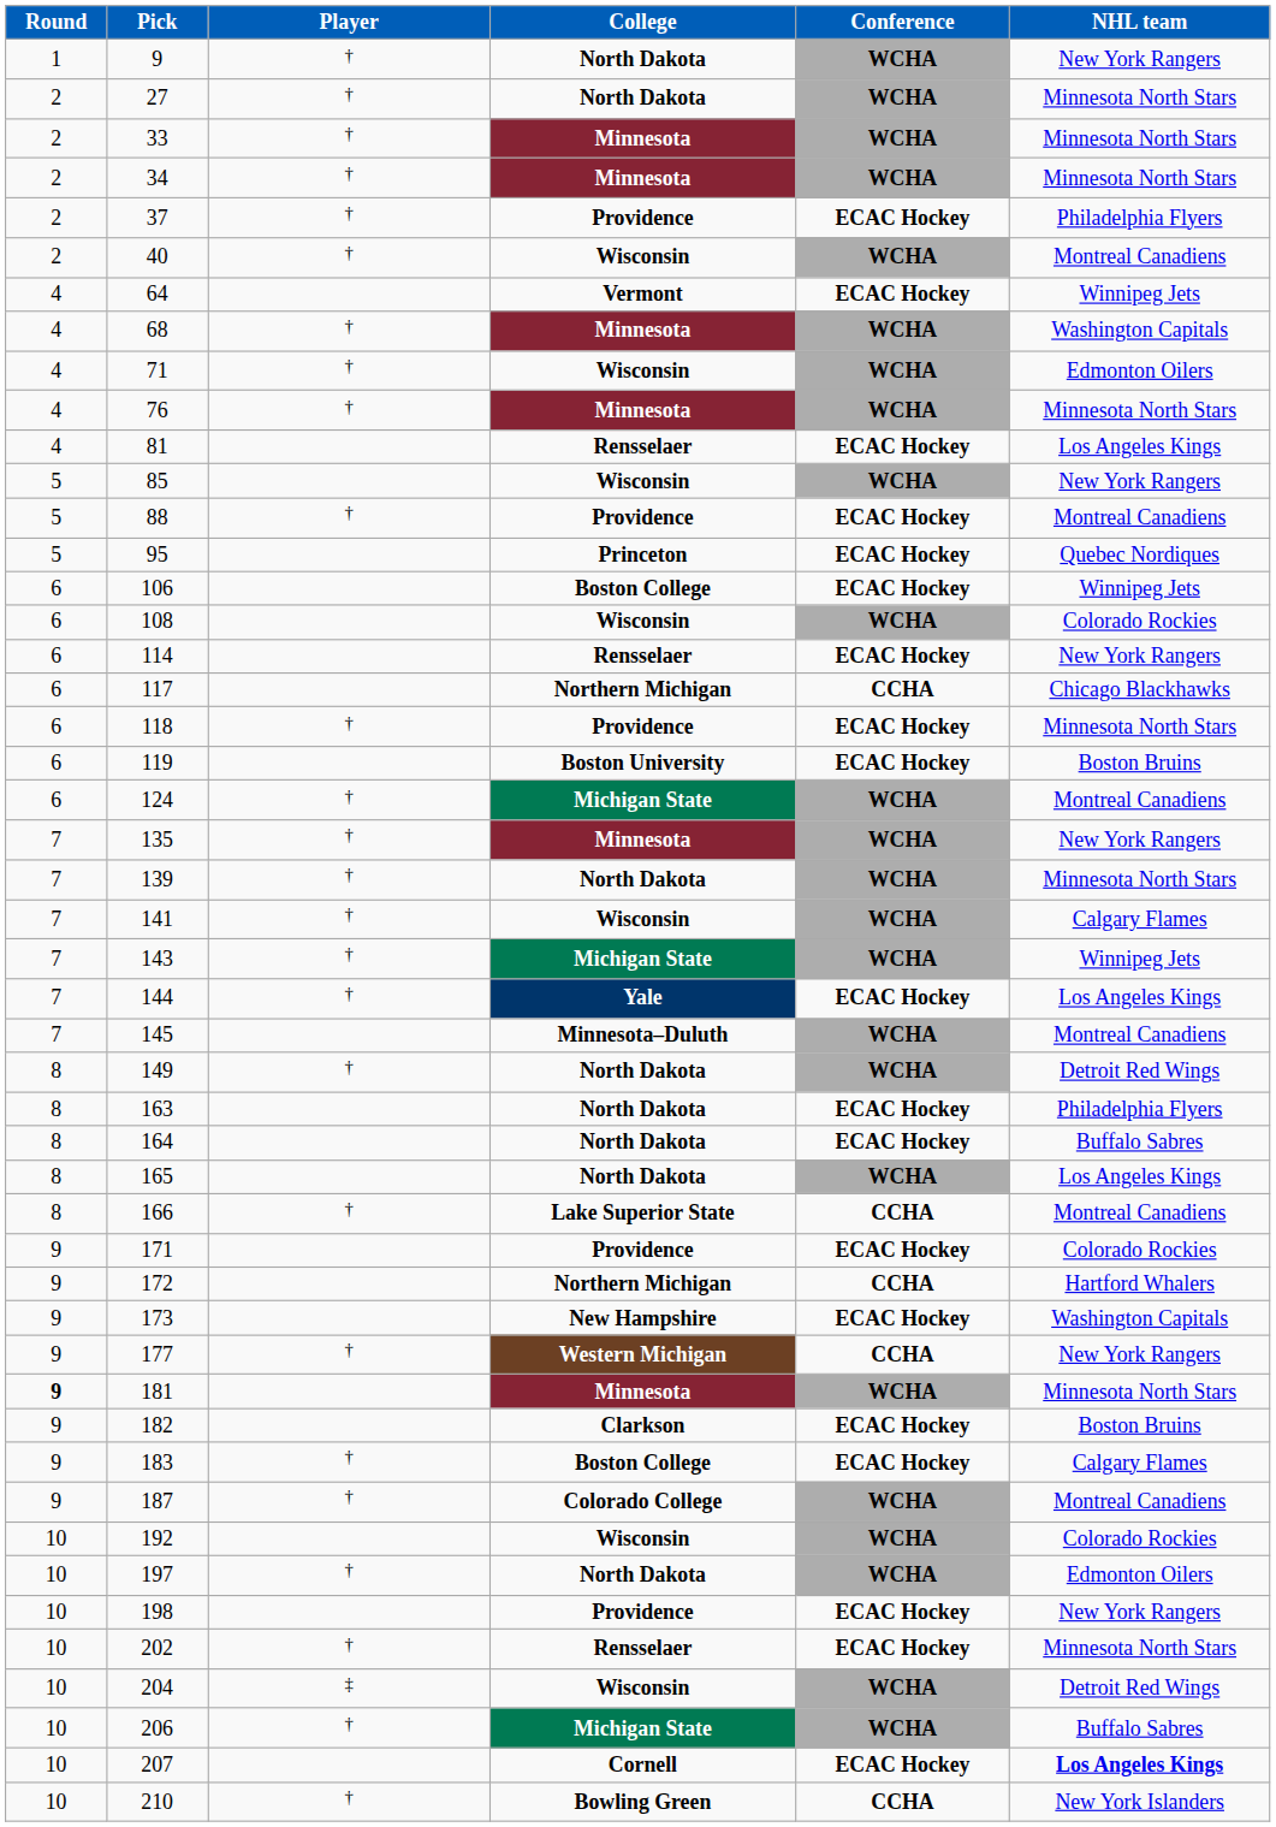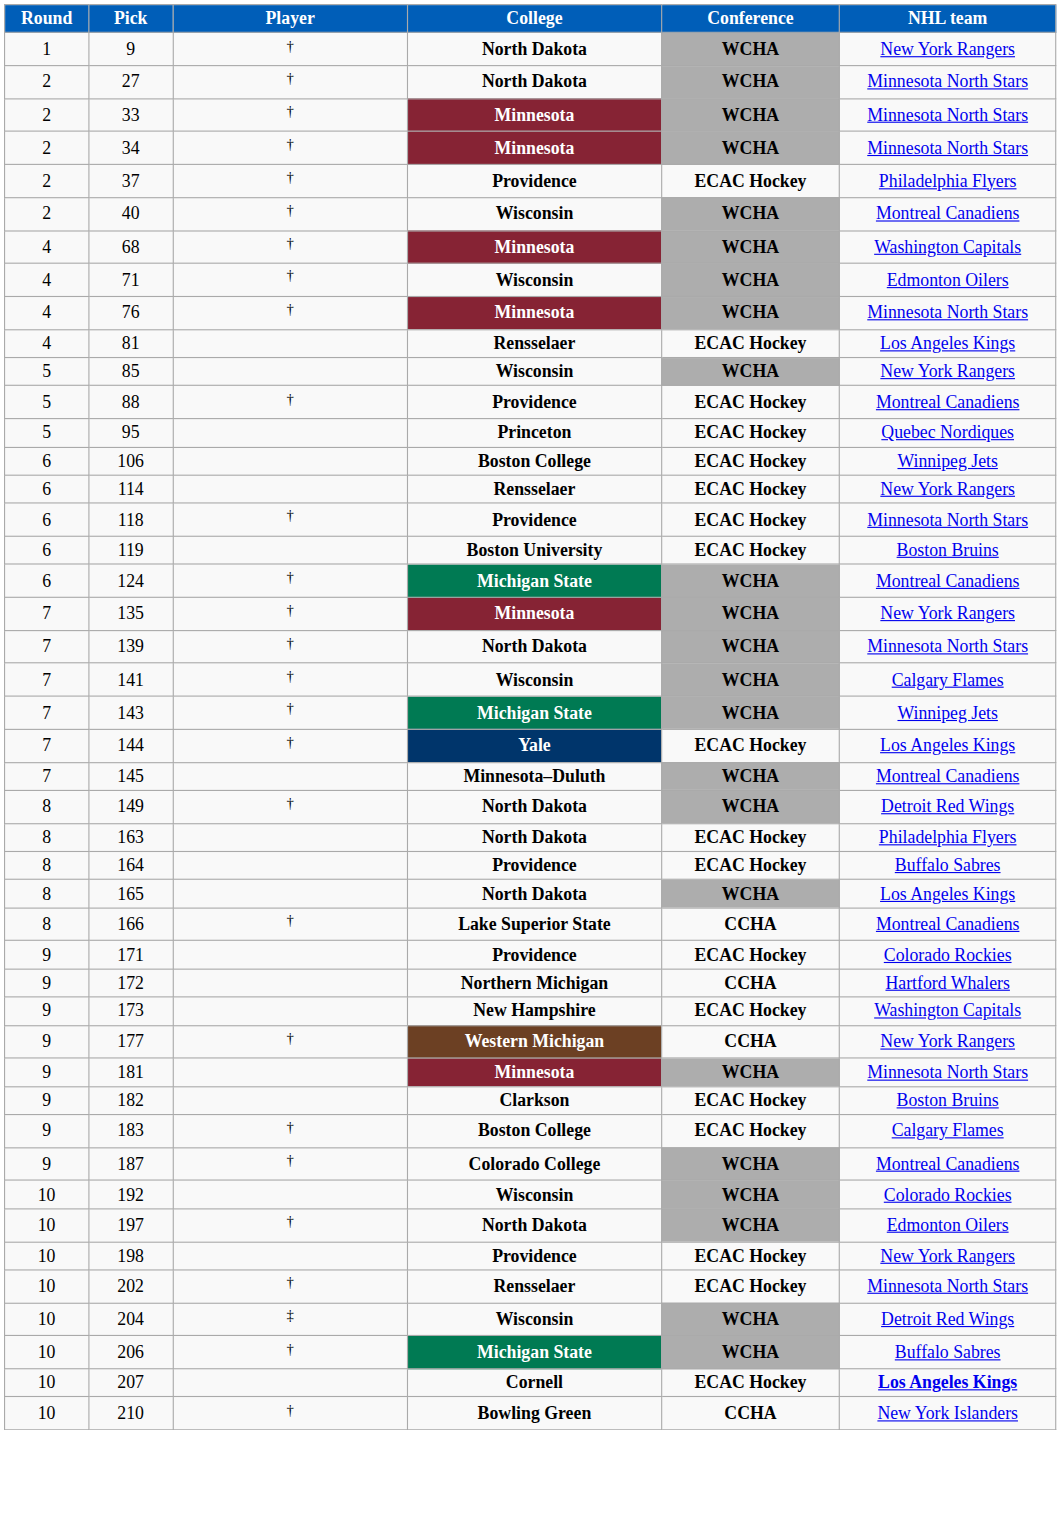 <table class="wikitable sortable" width="75%">
 <tr>
 <th style="color:white; background-color:#005EB8; width: 4em;">Round</th>
 <th style="color:white; background-color:#005EB8; width: 4em;">Pick</th>
 <th style="color:white; background-color:#005EB8; width: 12em;">Player</th>
 <th style="color:white; background-color:#005EB8; width: 13em;">College</th>
 <th style="color:white; background-color:#005EB8; width: 9em;">Conference</th>
 <th style="color:white; background-color:#005EB8; width: 11em;">NHL team</th>
 </tr>
 <tr align="center" bgcolor="">
 <td>1</td>
 <td>9</td>
 <td> <sup>†</sup></td>
 <td><strong>North Dakota</strong></td>
 <td style="color:black; background:#ADADAD; "><strong>WCHA</strong></td>
 <td><a href='#'>New York Rangers</a></td>
 </tr>
 <tr align="center" bgcolor="">
 <td>2</td>
 <td>27</td>
 <td> <sup>†</sup></td>
 <td><strong>North Dakota</strong></td>
 <td style="color:black; background:#ADADAD; "><strong>WCHA</strong></td>
 <td><a href='#'>Minnesota North Stars</a></td>
 </tr>
 <tr align="center" bgcolor="">
 <td>2</td>
 <td>33</td>
 <td> <sup>†</sup></td>
 <td style="color:white; background:#862334; "><strong>Minnesota</strong></td>
 <td style="color:black; background:#ADADAD; "><strong>WCHA</strong></td>
 <td><a href='#'>Minnesota North Stars</a></td>
 </tr>
 <tr align="center" bgcolor="">
 <td>2</td>
 <td>34</td>
 <td> <sup>†</sup></td>
 <td style="color:white; background:#862334; "><strong>Minnesota</strong></td>
 <td style="color:black; background:#ADADAD; "><strong>WCHA</strong></td>
 <td><a href='#'>Minnesota North Stars</a></td>
 </tr>
 <tr align="center" bgcolor="">
 <td>2</td>
 <td>37</td>
 <td> <sup>†</sup></td>
 <td><strong>Providence</strong></td>
 <td><strong>ECAC Hockey</strong></td>
 <td><a href='#'>Philadelphia Flyers</a></td>
 </tr>
 <tr align="center" bgcolor="">
 <td>2</td>
 <td>40</td>
 <td> <sup>†</sup></td>
 <td><strong>Wisconsin</strong></td>
 <td style="color:black; background:#ADADAD; "><strong>WCHA</strong></td>
 <td><a href='#'>Montreal Canadiens</a></td>
-</tr>
-<tr align="center" bgcolor="">
-<td>4</td>
-<td>64</td>
-<td></td>
-<td><strong>Vermont</strong></td>
-<td><strong>ECAC Hockey</strong></td>
-<td><a href='#'>Winnipeg Jets</a></td>
 </tr>
 <tr align="center" bgcolor="">
 <td>4</td>
 <td>68</td>
 <td> <sup>†</sup></td>
 <td style="color:white; background:#862334; "><strong>Minnesota</strong></td>
 <td style="color:black; background:#ADADAD; "><strong>WCHA</strong></td>
 <td><a href='#'>Washington Capitals</a></td>
 </tr>
 <tr align="center" bgcolor="">
 <td>4</td>
 <td>71</td>
 <td> <sup>†</sup></td>
 <td><strong>Wisconsin</strong></td>
 <td style="color:black; background:#ADADAD; "><strong>WCHA</strong></td>
 <td><a href='#'>Edmonton Oilers</a></td>
 </tr>
 <tr align="center" bgcolor="">
 <td>4</td>
 <td>76</td>
 <td> <sup>†</sup></td>
 <td style="color:white; background:#862334; "><strong>Minnesota</strong></td>
 <td style="color:black; background:#ADADAD; "><strong>WCHA</strong></td>
 <td><a href='#'>Minnesota North Stars</a></td>
 </tr>
 <tr align="center" bgcolor="">
 <td>4</td>
 <td>81</td>
 <td></td>
 <td><strong>Rensselaer</strong></td>
 <td><strong>ECAC Hockey</strong></td>
 <td><a href='#'>Los Angeles Kings</a></td>
 </tr>
 <tr align="center" bgcolor="">
 <td>5</td>
 <td>85</td>
 <td></td>
 <td><strong>Wisconsin</strong></td>
 <td style="color:black; background:#ADADAD; "><strong>WCHA</strong></td>
 <td><a href='#'>New York Rangers</a></td>
 </tr>
 <tr align="center" bgcolor="">
 <td>5</td>
 <td>88</td>
 <td> <sup>†</sup></td>
 <td><strong>Providence</strong></td>
 <td><strong>ECAC Hockey</strong></td>
 <td><a href='#'>Montreal Canadiens</a></td>
 </tr>
 <tr align="center" bgcolor="">
 <td>5</td>
 <td>95</td>
 <td></td>
 <td><strong>Princeton</strong></td>
 <td><strong>ECAC Hockey</strong></td>
 <td><a href='#'>Quebec Nordiques</a></td>
 </tr>
 <tr align="center" bgcolor="">
 <td>6</td>
 <td>106</td>
 <td></td>
 <td><strong>Boston College</strong></td>
 <td><strong>ECAC Hockey</strong></td>
 <td><a href='#'>Winnipeg Jets</a></td>
 </tr>
 <tr align="center" bgcolor="">
 <td>6</td>
-<td>108</td>
-<td></td>
-<td><strong>Wisconsin</strong></td>
-<td style="color:black; background:#ADADAD; "><strong>WCHA</strong></td>
-<td><a href='#'>Colorado Rockies</a></td>
-</tr>
-<tr align="center" bgcolor="">
-<td>6</td>
 <td>114</td>
 <td></td>
 <td><strong>Rensselaer</strong></td>
 <td><strong>ECAC Hockey</strong></td>
 <td><a href='#'>New York Rangers</a></td>
-</tr>
-<tr align="center" bgcolor="">
-<td>6</td>
-<td>117</td>
-<td></td>
-<td><strong>Northern Michigan</strong></td>
-<td><strong>CCHA</strong></td>
-<td><a href='#'>Chicago Blackhawks</a></td>
 </tr>
 <tr align="center" bgcolor="">
 <td>6</td>
 <td>118</td>
 <td> <sup>†</sup></td>
 <td><strong>Providence</strong></td>
 <td><strong>ECAC Hockey</strong></td>
 <td><a href='#'>Minnesota North Stars</a></td>
 </tr>
 <tr align="center" bgcolor="">
 <td>6</td>
 <td>119</td>
 <td></td>
 <td><strong>Boston University</strong></td>
 <td><strong>ECAC Hockey</strong></td>
 <td><a href='#'>Boston Bruins</a></td>
 </tr>
 <tr align="center" bgcolor="">
 <td>6</td>
 <td>124</td>
 <td> <sup>†</sup></td>
 <td style="color:white; background:#007A53"><strong>Michigan State</strong></td>
 <td style="color:black; background:#ADADAD; "><strong>WCHA</strong></td>
 <td><a href='#'>Montreal Canadiens</a></td>
 </tr>
 <tr align="center" bgcolor="">
 <td>7</td>
 <td>135</td>
 <td> <sup>†</sup></td>
 <td style="color:white; background:#862334; "><strong>Minnesota</strong></td>
 <td style="color:black; background:#ADADAD; "><strong>WCHA</strong></td>
 <td><a href='#'>New York Rangers</a></td>
 </tr>
 <tr align="center" bgcolor="">
 <td>7</td>
 <td>139</td>
 <td> <sup>†</sup></td>
 <td><strong>North Dakota</strong></td>
 <td style="color:black; background:#ADADAD; "><strong>WCHA</strong></td>
 <td><a href='#'>Minnesota North Stars</a></td>
 </tr>
 <tr align="center" bgcolor="">
 <td>7</td>
 <td>141</td>
 <td> <sup>†</sup></td>
 <td><strong>Wisconsin</strong></td>
 <td style="color:black; background:#ADADAD; "><strong>WCHA</strong></td>
 <td><a href='#'>Calgary Flames</a></td>
 </tr>
 <tr align="center" bgcolor="">
 <td>7</td>
 <td>143</td>
 <td> <sup>†</sup></td>
 <td style="color:white; background:#007A53"><strong>Michigan State</strong></td>
 <td style="color:black; background:#ADADAD; "><strong>WCHA</strong></td>
 <td><a href='#'>Winnipeg Jets</a></td>
 </tr>
 <tr align="center" bgcolor="">
 <td>7</td>
 <td>144</td>
 <td> <sup>†</sup></td>
 <td style="color:white; background:#00356B"><strong>Yale</strong></td>
 <td><strong>ECAC Hockey</strong></td>
 <td><a href='#'>Los Angeles Kings</a></td>
 </tr>
 <tr align="center" bgcolor="">
 <td>7</td>
 <td>145</td>
 <td></td>
 <td><strong>Minnesota–Duluth</strong></td>
 <td style="color:black; background:#ADADAD; "><strong>WCHA</strong></td>
 <td><a href='#'>Montreal Canadiens</a></td>
 </tr>
 <tr align="center" bgcolor="">
 <td>8</td>
 <td>149</td>
 <td> <sup>†</sup></td>
 <td><strong>North Dakota</strong></td>
 <td style="color:black; background:#ADADAD; "><strong>WCHA</strong></td>
 <td><a href='#'>Detroit Red Wings</a></td>
 </tr>
 <tr align="center" bgcolor="">
 <td>8</td>
 <td>163</td>
 <td></td>
 <td><strong>North Dakota</strong></td>
 <td><strong>ECAC Hockey</strong></td>
 <td><a href='#'>Philadelphia Flyers</a></td>
 </tr>
 <tr align="center" bgcolor="">
 <td>8</td>
 <td>164</td>
 <td></td>
-<td><strong>North Dakota</strong></td>
+<td><strong>Providence</strong></td>
 <td><strong>ECAC Hockey</strong></td>
 <td><a href='#'>Buffalo Sabres</a></td>
 </tr>
 <tr align="center" bgcolor="">
 <td>8</td>
 <td>165</td>
 <td></td>
 <td><strong>North Dakota</strong></td>
 <td style="color:black; background:#ADADAD; "><strong>WCHA</strong></td>
 <td><a href='#'>Los Angeles Kings</a></td>
 </tr>
 <tr align="center" bgcolor="">
 <td>8</td>
 <td>166</td>
 <td> <sup>†</sup></td>
 <td><strong>Lake Superior State</strong></td>
 <td><strong>CCHA</strong></td>
 <td><a href='#'>Montreal Canadiens</a></td>
 </tr>
 <tr align="center" bgcolor="">
 <td>9</td>
 <td>171</td>
 <td></td>
 <td><strong>Providence</strong></td>
 <td><strong>ECAC Hockey</strong></td>
 <td><a href='#'>Colorado Rockies</a></td>
 </tr>
 <tr align="center" bgcolor="">
 <td>9</td>
 <td>172</td>
 <td></td>
 <td><strong>Northern Michigan</strong></td>
 <td><strong>CCHA</strong></td>
 <td><a href='#'>Hartford Whalers</a></td>
 </tr>
 <tr align="center" bgcolor="">
 <td>9</td>
 <td>173</td>
 <td></td>
 <td><strong>New Hampshire</strong></td>
 <td><strong>ECAC Hockey</strong></td>
 <td><a href='#'>Washington Capitals</a></td>
 </tr>
 <tr align="center" bgcolor="">
 <td>9</td>
 <td>177</td>
 <td> <sup>†</sup></td>
 <td style="color:white; background:#6C4023; "><strong>Western Michigan</strong></td>
 <td><strong>CCHA</strong></td>
 <td><a href='#'>New York Rangers</a></td>
 </tr>
 <tr align="center" bgcolor="">
-<td><strong>9</strong></td>
+<td>9</td>
 <td>181</td>
 <td></td>
 <td style="color:white; background:#862334; "><strong>Minnesota</strong></td>
 <td style="color:black; background:#ADADAD; "><strong>WCHA</strong></td>
 <td><a href='#'>Minnesota North Stars</a></td>
 </tr>
 <tr align="center" bgcolor="">
 <td>9</td>
 <td>182</td>
 <td></td>
 <td><strong>Clarkson</strong></td>
 <td><strong>ECAC Hockey</strong></td>
 <td><a href='#'>Boston Bruins</a></td>
 </tr>
 <tr align="center" bgcolor="">
 <td>9</td>
 <td>183</td>
 <td> <sup>†</sup></td>
 <td><strong>Boston College</strong></td>
 <td><strong>ECAC Hockey</strong></td>
 <td><a href='#'>Calgary Flames</a></td>
 </tr>
 <tr align="center" bgcolor="">
 <td>9</td>
 <td>187</td>
 <td> <sup>†</sup></td>
 <td><strong>Colorado College</strong></td>
 <td style="color:black; background:#ADADAD; "><strong>WCHA</strong></td>
 <td><a href='#'>Montreal Canadiens</a></td>
 </tr>
 <tr align="center" bgcolor="">
 <td>10</td>
 <td>192</td>
 <td></td>
 <td><strong>Wisconsin</strong></td>
 <td style="color:black; background:#ADADAD; "><strong>WCHA</strong></td>
 <td><a href='#'>Colorado Rockies</a></td>
 </tr>
 <tr align="center" bgcolor="">
 <td>10</td>
 <td>197</td>
 <td> <sup>†</sup></td>
 <td><strong>North Dakota</strong></td>
 <td style="color:black; background:#ADADAD; "><strong>WCHA</strong></td>
 <td><a href='#'>Edmonton Oilers</a></td>
 </tr>
 <tr align="center" bgcolor="">
 <td>10</td>
 <td>198</td>
 <td></td>
 <td><strong>Providence</strong></td>
 <td><strong>ECAC Hockey</strong></td>
 <td><a href='#'>New York Rangers</a></td>
 </tr>
 <tr align="center" bgcolor="">
 <td>10</td>
 <td>202</td>
 <td> <sup>†</sup></td>
 <td><strong>Rensselaer</strong></td>
 <td><strong>ECAC Hockey</strong></td>
 <td><a href='#'>Minnesota North Stars</a></td>
 </tr>
 <tr align="center" bgcolor="">
 <td>10</td>
 <td>204</td>
 <td> <sup>‡</sup></td>
 <td><strong>Wisconsin</strong></td>
 <td style="color:black; background:#ADADAD; "><strong>WCHA</strong></td>
 <td><a href='#'>Detroit Red Wings</a></td>
 </tr>
 <tr align="center" bgcolor="">
 <td>10</td>
 <td>206</td>
 <td> <sup>†</sup></td>
 <td style="color:white; background:#007A53"><strong>Michigan State</strong></td>
 <td style="color:black; background:#ADADAD; "><strong>WCHA</strong></td>
 <td><a href='#'>Buffalo Sabres</a></td>
 </tr>
 <tr align="center" bgcolor="">
 <td>10</td>
 <td>207</td>
 <td></td>
 <td><strong>Cornell</strong></td>
 <td><strong>ECAC Hockey</strong></td>
 <td><strong><a href='#'>Los Angeles Kings</a></strong></td>
 </tr>
 <tr align="center" bgcolor="">
 <td>10</td>
 <td>210</td>
 <td> <sup>†</sup></td>
 <td><strong>Bowling Green</strong></td>
 <td><strong>CCHA</strong></td>
 <td><a href='#'>New York Islanders</a></td>
 </tr>
 </table>
